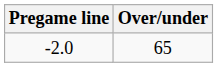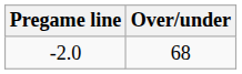 <table class="wikitable" style="margin-left: auto; margin-right: auto; border: none; display: inline-table;">
 <tr align="center">
 <th style=>Pregame line</th>
 <th style=>Over/under</th>
 </tr>
 <tr align="center">
 <td>-2.0</td>
-<td>65</td>
+<td>68</td>
 </tr>
 </table>
